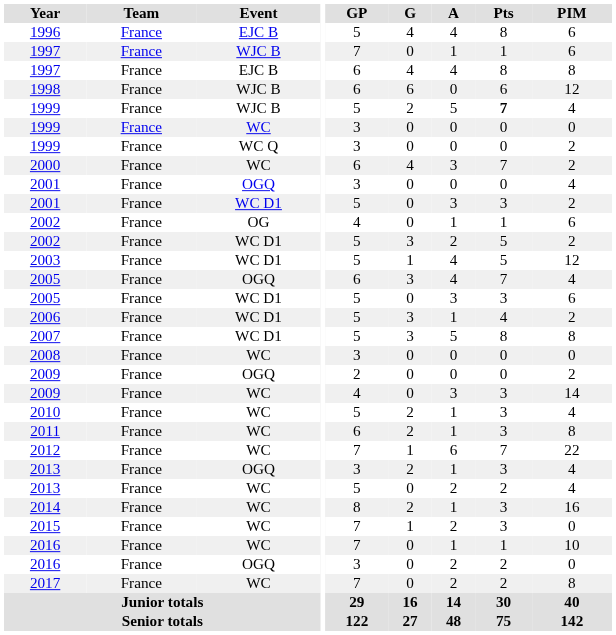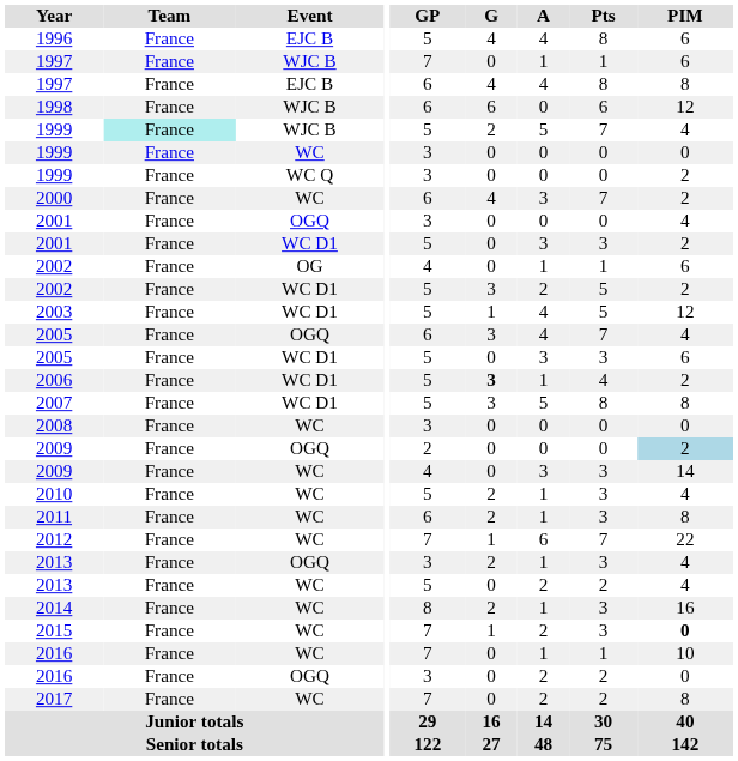 <table border="0" cellpadding="1" cellspacing="0" ID="Table3" style="text-align:center; width:40em">
 <tr ALIGN="center" bgcolor="#e0e0e0">
 <th>Year</th>
 <th>Team</th>
 <th>Event</th>
 <th rowspan="102" bgcolor="#ffffff"></th>
 <th>GP</th>
 <th>G</th>
 <th>A</th>
 <th>Pts</th>
 <th>PIM</th>
 </tr>
 <tr>
 <td><a href='#'>1996</a></td>
 <td><a href='#'>France</a></td>
 <td><a href='#'>EJC B</a></td>
 <td>5</td>
 <td>4</td>
 <td>4</td>
 <td>8</td>
 <td>6</td>
 </tr>
 <tr bgcolor="#f0f0f0">
 <td><a href='#'>1997</a></td>
 <td><a href='#'>France</a></td>
 <td><a href='#'>WJC B</a></td>
 <td>7</td>
 <td>0</td>
 <td>1</td>
 <td>1</td>
 <td>6</td>
 </tr>
 <tr>
 <td><a href='#'>1997</a></td>
 <td>France</td>
 <td>EJC B</td>
 <td>6</td>
 <td>4</td>
 <td>4</td>
 <td>8</td>
 <td>8</td>
 </tr>
 <tr bgcolor="#f0f0f0">
 <td><a href='#'>1998</a></td>
 <td>France</td>
 <td>WJC B</td>
 <td>6</td>
 <td>6</td>
 <td>0</td>
 <td>6</td>
 <td>12</td>
 </tr>
 <tr>
 <td><a href='#'>1999</a></td>
-<td>France</td>
+<td style="background: paleturquoise;">France</td>
 <td>WJC B</td>
 <td>5</td>
 <td>2</td>
 <td>5</td>
-<td><strong>7</strong></td>
+<td>7</td>
 <td>4</td>
 </tr>
 <tr bgcolor="#f0f0f0">
 <td><a href='#'>1999</a></td>
 <td><a href='#'>France</a></td>
 <td><a href='#'>WC</a></td>
 <td>3</td>
 <td>0</td>
 <td>0</td>
 <td>0</td>
 <td>0</td>
 </tr>
 <tr>
 <td><a href='#'>1999</a></td>
 <td>France</td>
 <td>WC Q</td>
 <td>3</td>
 <td>0</td>
 <td>0</td>
 <td>0</td>
 <td>2</td>
 </tr>
 <tr bgcolor="#f0f0f0">
 <td><a href='#'>2000</a></td>
 <td>France</td>
 <td>WC</td>
 <td>6</td>
 <td>4</td>
 <td>3</td>
 <td>7</td>
 <td>2</td>
 </tr>
 <tr>
 <td><a href='#'>2001</a></td>
 <td>France</td>
 <td><a href='#'>OGQ</a></td>
 <td>3</td>
 <td>0</td>
 <td>0</td>
 <td>0</td>
 <td>4</td>
 </tr>
 <tr bgcolor="#f0f0f0">
 <td><a href='#'>2001</a></td>
 <td>France</td>
 <td><a href='#'>WC D1</a></td>
 <td>5</td>
 <td>0</td>
 <td>3</td>
 <td>3</td>
 <td>2</td>
 </tr>
 <tr>
 <td><a href='#'>2002</a></td>
 <td>France</td>
 <td>OG</td>
 <td>4</td>
 <td>0</td>
 <td>1</td>
 <td>1</td>
 <td>6</td>
 </tr>
 <tr bgcolor="#f0f0f0">
 <td><a href='#'>2002</a></td>
 <td>France</td>
 <td>WC D1</td>
 <td>5</td>
 <td>3</td>
 <td>2</td>
 <td>5</td>
 <td>2</td>
 </tr>
 <tr>
 <td><a href='#'>2003</a></td>
 <td>France</td>
 <td>WC D1</td>
 <td>5</td>
 <td>1</td>
 <td>4</td>
 <td>5</td>
 <td>12</td>
 </tr>
 <tr bgcolor="#f0f0f0">
 <td><a href='#'>2005</a></td>
 <td>France</td>
 <td>OGQ</td>
 <td>6</td>
 <td>3</td>
 <td>4</td>
 <td>7</td>
 <td>4</td>
 </tr>
 <tr>
 <td><a href='#'>2005</a></td>
 <td>France</td>
 <td>WC D1</td>
 <td>5</td>
 <td>0</td>
 <td>3</td>
 <td>3</td>
 <td>6</td>
 </tr>
 <tr bgcolor="#f0f0f0">
 <td><a href='#'>2006</a></td>
 <td>France</td>
 <td>WC D1</td>
 <td>5</td>
-<td>3</td>
+<td><strong>3</strong></td>
 <td>1</td>
 <td>4</td>
 <td>2</td>
 </tr>
 <tr>
 <td><a href='#'>2007</a></td>
 <td>France</td>
 <td>WC D1</td>
 <td>5</td>
 <td>3</td>
 <td>5</td>
 <td>8</td>
 <td>8</td>
 </tr>
 <tr bgcolor="#f0f0f0">
 <td><a href='#'>2008</a></td>
 <td>France</td>
 <td>WC</td>
 <td>3</td>
 <td>0</td>
 <td>0</td>
 <td>0</td>
 <td>0</td>
 </tr>
 <tr>
 <td><a href='#'>2009</a></td>
 <td>France</td>
 <td>OGQ</td>
 <td>2</td>
 <td>0</td>
 <td>0</td>
 <td>0</td>
-<td>2</td>
+<td style="background: lightblue;">2</td>
 </tr>
 <tr bgcolor="#f0f0f0">
 <td><a href='#'>2009</a></td>
 <td>France</td>
 <td>WC</td>
 <td>4</td>
 <td>0</td>
 <td>3</td>
 <td>3</td>
 <td>14</td>
 </tr>
 <tr>
 <td><a href='#'>2010</a></td>
 <td>France</td>
 <td>WC</td>
 <td>5</td>
 <td>2</td>
 <td>1</td>
 <td>3</td>
 <td>4</td>
 </tr>
 <tr bgcolor="#f0f0f0">
 <td><a href='#'>2011</a></td>
 <td>France</td>
 <td>WC</td>
 <td>6</td>
 <td>2</td>
 <td>1</td>
 <td>3</td>
 <td>8</td>
 </tr>
 <tr>
 <td><a href='#'>2012</a></td>
 <td>France</td>
 <td>WC</td>
 <td>7</td>
 <td>1</td>
 <td>6</td>
 <td>7</td>
 <td>22</td>
 </tr>
 <tr bgcolor="#f0f0f0">
 <td><a href='#'>2013</a></td>
 <td>France</td>
 <td>OGQ</td>
 <td>3</td>
 <td>2</td>
 <td>1</td>
 <td>3</td>
 <td>4</td>
 </tr>
 <tr>
 <td><a href='#'>2013</a></td>
 <td>France</td>
 <td>WC</td>
 <td>5</td>
 <td>0</td>
 <td>2</td>
 <td>2</td>
 <td>4</td>
 </tr>
 <tr bgcolor="#f0f0f0">
 <td><a href='#'>2014</a></td>
 <td>France</td>
 <td>WC</td>
 <td>8</td>
 <td>2</td>
 <td>1</td>
 <td>3</td>
 <td>16</td>
 </tr>
 <tr>
 <td><a href='#'>2015</a></td>
 <td>France</td>
 <td>WC</td>
 <td>7</td>
 <td>1</td>
 <td>2</td>
 <td>3</td>
-<td>0</td>
+<td><strong>0</strong></td>
 </tr>
 <tr bgcolor="#f0f0f0">
 <td><a href='#'>2016</a></td>
 <td>France</td>
 <td>WC</td>
 <td>7</td>
 <td>0</td>
 <td>1</td>
 <td>1</td>
 <td>10</td>
 </tr>
 <tr>
 <td><a href='#'>2016</a></td>
 <td>France</td>
 <td>OGQ</td>
 <td>3</td>
 <td>0</td>
 <td>2</td>
 <td>2</td>
 <td>0</td>
 </tr>
 <tr bgcolor="#f0f0f0">
 <td><a href='#'>2017</a></td>
 <td>France</td>
 <td>WC</td>
 <td>7</td>
 <td>0</td>
 <td>2</td>
 <td>2</td>
 <td>8</td>
 </tr>
 <tr bgcolor="#e0e0e0">
 <th colspan=3>Junior totals</th>
 <th>29</th>
 <th>16</th>
 <th>14</th>
 <th>30</th>
 <th>40</th>
 </tr>
 <tr bgcolor="#e0e0e0">
 <th colspan=3>Senior totals</th>
 <th>122</th>
 <th>27</th>
 <th>48</th>
 <th>75</th>
 <th>142</th>
 </tr>
 </table>
